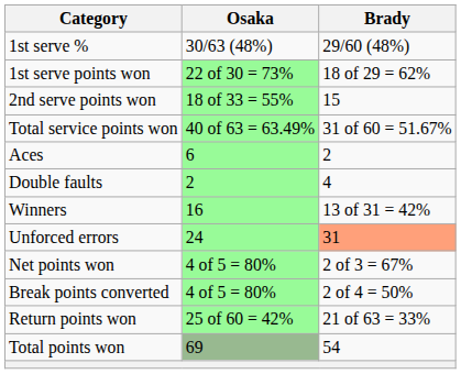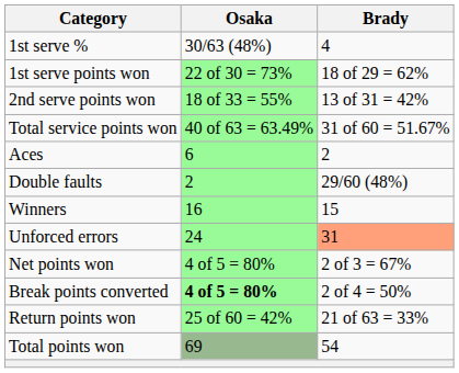 <table class="wikitable">
 <tr>
 <th>Category</th>
 <th> Osaka</th>
 <th> Brady</th>
 </tr>
 <tr>
 <td>1st serve %</td>
 <td>30/63 (48%)</td>
-<td>29/60 (48%)</td>
+<td>4</td>
 </tr>
 <tr>
 <td>1st serve points won</td>
 <td bgcolor=98FB98>22 of 30 = 73%</td>
 <td>18 of 29 = 62%</td>
 </tr>
 <tr>
 <td>2nd serve points won</td>
 <td bgcolor=98FB98>18 of 33 = 55%</td>
-<td>15</td>
+<td>13 of 31 = 42%</td>
 </tr>
 <tr>
 <td>Total service points won</td>
 <td bgcolor=98FB98>40 of 63 = 63.49%</td>
 <td>31 of 60 = 51.67%</td>
 </tr>
 <tr>
 <td>Aces</td>
 <td bgcolor=98FB98>6</td>
 <td>2</td>
 </tr>
 <tr>
 <td>Double faults</td>
 <td bgcolor=98FB98>2</td>
-<td>4</td>
+<td>29/60 (48%)</td>
 </tr>
 <tr>
 <td>Winners</td>
 <td bgcolor=98FB98>16</td>
-<td>13 of 31 = 42%</td>
+<td>15</td>
 </tr>
 <tr>
 <td>Unforced errors</td>
 <td bgcolor=98FB98>24</td>
 <td style="background: lightsalmon;">31</td>
 </tr>
 <tr>
 <td>Net points won</td>
 <td bgcolor=98FB98>4 of 5 = 80%</td>
 <td>2 of 3 = 67%</td>
 </tr>
 <tr>
 <td>Break points converted</td>
-<td bgcolor=98FB98>4 of 5 = 80%</td>
+<td bgcolor=98FB98><strong>4 of 5 = 80%</strong></td>
 <td>2 of 4 = 50%</td>
 </tr>
 <tr>
 <td>Return points won</td>
 <td bgcolor=98FB98>25 of 60 = 42%</td>
 <td>21 of 63 = 33%</td>
 </tr>
 <tr>
 <td>Total points won</td>
 <td bgcolor=98FB989>69</td>
 <td>54</td>
 </tr>
 <tr>
 <th colspan=3> </th>
 </tr>
 </table>
